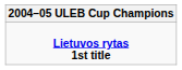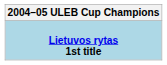 <table class=wikitable style="text-align:center; margin:auto">
 <tr>
 <th>2004–05 ULEB Cup Champions</th>
 </tr>
 <tr>
-<td><br> <strong><a href='#'>Lietuvos rytas</a></strong> <br> <strong>1st title</strong></td>
+<td style="background: lightblue;"><br> <strong><a href='#'>Lietuvos rytas</a></strong> <br> <strong>1st title</strong></td>
 </tr>
 </table>
